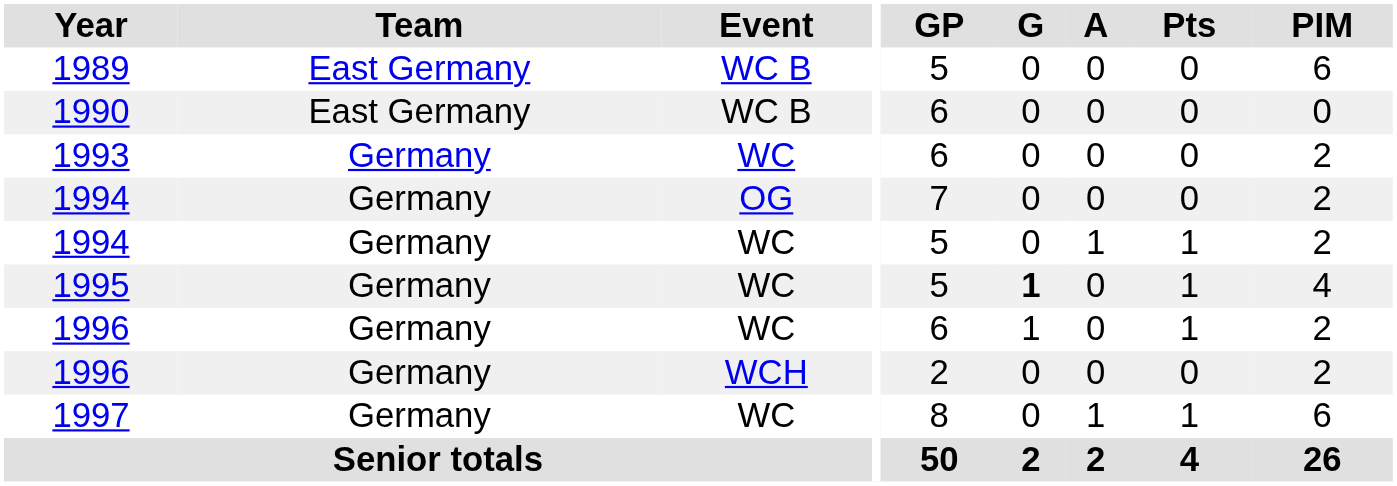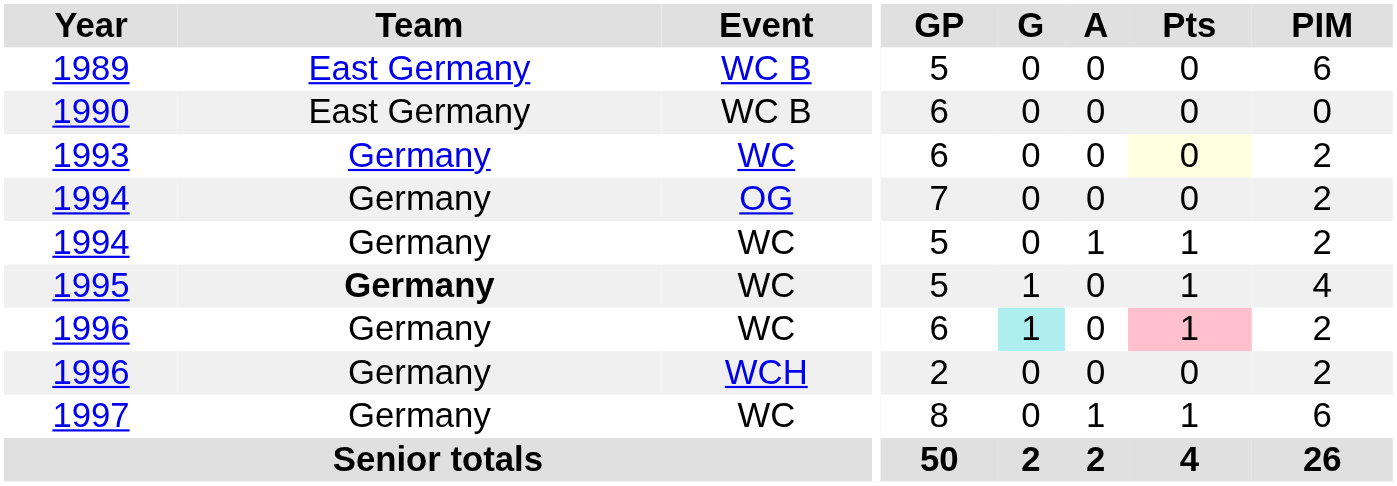 <table border="0" cellpadding="1" cellspacing="0" ID="Table3" style="text-align:center; width:40em">
 <tr bgcolor="#e0e0e0">
 <th>Year</th>
 <th>Team</th>
 <th>Event</th>
 <th rowspan="102" bgcolor="#ffffff"></th>
 <th>GP</th>
 <th>G</th>
 <th>A</th>
 <th>Pts</th>
 <th>PIM</th>
 </tr>
 <tr>
 <td><a href='#'>1989</a></td>
 <td><a href='#'>East Germany</a></td>
 <td><a href='#'>WC B</a></td>
 <td>5</td>
 <td>0</td>
 <td>0</td>
 <td>0</td>
 <td>6</td>
 </tr>
 <tr bgcolor="#f0f0f0">
 <td><a href='#'>1990</a></td>
 <td>East Germany</td>
 <td>WC B</td>
 <td>6</td>
 <td>0</td>
 <td>0</td>
 <td>0</td>
 <td>0</td>
 </tr>
 <tr>
 <td><a href='#'>1993</a></td>
 <td><a href='#'>Germany</a></td>
 <td><a href='#'>WC</a></td>
 <td>6</td>
 <td>0</td>
 <td>0</td>
-<td>0</td>
+<td style="background: lightyellow;">0</td>
 <td>2</td>
 </tr>
 <tr bgcolor="#f0f0f0">
 <td><a href='#'>1994</a></td>
 <td>Germany</td>
 <td><a href='#'>OG</a></td>
 <td>7</td>
 <td>0</td>
 <td>0</td>
 <td>0</td>
 <td>2</td>
 </tr>
 <tr>
 <td><a href='#'>1994</a></td>
 <td>Germany</td>
 <td>WC</td>
 <td>5</td>
 <td>0</td>
 <td>1</td>
 <td>1</td>
 <td>2</td>
 </tr>
 <tr bgcolor="#f0f0f0">
 <td><a href='#'>1995</a></td>
-<td>Germany</td>
+<td><strong>Germany</strong></td>
 <td>WC</td>
 <td>5</td>
-<td><strong>1</strong></td>
+<td>1</td>
 <td>0</td>
 <td>1</td>
 <td>4</td>
 </tr>
 <tr>
 <td><a href='#'>1996</a></td>
 <td>Germany</td>
 <td>WC</td>
 <td>6</td>
-<td>1</td>
+<td style="background: paleturquoise;">1</td>
 <td>0</td>
-<td>1</td>
+<td style="background: pink;">1</td>
 <td>2</td>
 </tr>
 <tr bgcolor="#f0f0f0">
 <td><a href='#'>1996</a></td>
 <td>Germany</td>
 <td><a href='#'>WCH</a></td>
 <td>2</td>
 <td>0</td>
 <td>0</td>
 <td>0</td>
 <td>2</td>
 </tr>
 <tr>
 <td><a href='#'>1997</a></td>
 <td>Germany</td>
 <td>WC</td>
 <td>8</td>
 <td>0</td>
 <td>1</td>
 <td>1</td>
 <td>6</td>
 </tr>
 <tr bgcolor="#e0e0e0">
 <th colspan="3">Senior totals</th>
 <th>50</th>
 <th>2</th>
 <th>2</th>
 <th>4</th>
 <th>26</th>
 </tr>
 </table>
